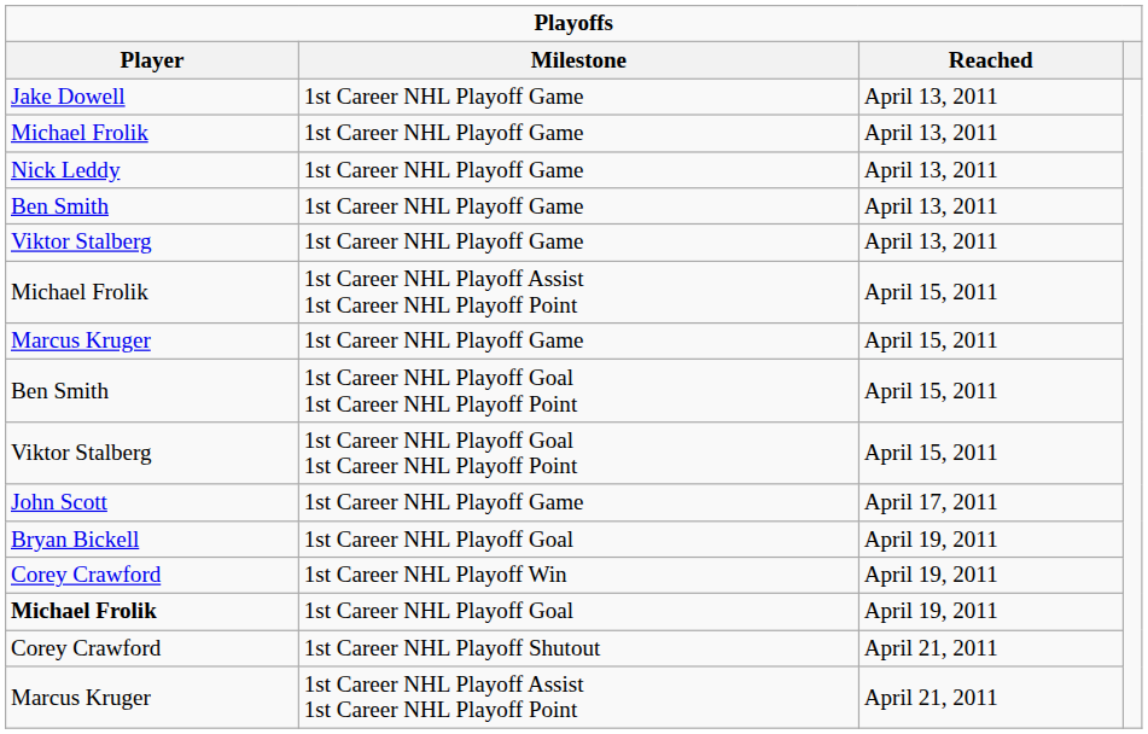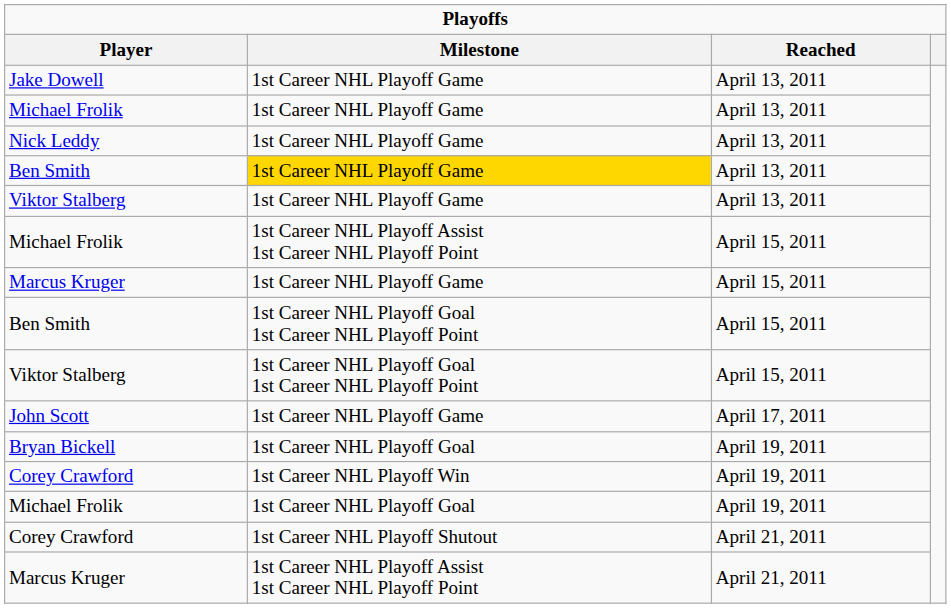 <table class="wikitable" width="50%">
 <tr>
 <td colspan="10" align="center"><strong>Playoffs</strong></td>
 </tr>
 <tr>
 <th>Player</th>
 <th>Milestone</th>
 <th>Reached</th>
 <th></th>
 </tr>
 <tr>
 <td><a href='#'>Jake Dowell</a></td>
 <td>1st Career NHL Playoff Game</td>
 <td>April 13, 2011</td>
 </tr>
 <tr>
 <td><a href='#'>Michael Frolik</a></td>
 <td>1st Career NHL Playoff Game</td>
 <td>April 13, 2011</td>
 </tr>
 <tr>
 <td><a href='#'>Nick Leddy</a></td>
 <td>1st Career NHL Playoff Game</td>
 <td>April 13, 2011</td>
 </tr>
 <tr>
 <td><a href='#'>Ben Smith</a></td>
-<td>1st Career NHL Playoff Game</td>
+<td style="background: gold;">1st Career NHL Playoff Game</td>
 <td>April 13, 2011</td>
 </tr>
 <tr>
 <td><a href='#'>Viktor Stalberg</a></td>
 <td>1st Career NHL Playoff Game</td>
 <td>April 13, 2011</td>
 </tr>
 <tr>
 <td>Michael Frolik</td>
 <td>1st Career NHL Playoff Assist<br>1st Career NHL Playoff Point</td>
 <td>April 15, 2011</td>
 </tr>
 <tr>
 <td><a href='#'>Marcus Kruger</a></td>
 <td>1st Career NHL Playoff Game</td>
 <td>April 15, 2011</td>
 </tr>
 <tr>
 <td>Ben Smith</td>
 <td>1st Career NHL Playoff Goal<br>1st Career NHL Playoff Point</td>
 <td>April 15, 2011</td>
 </tr>
 <tr>
 <td>Viktor Stalberg</td>
 <td>1st Career NHL Playoff Goal<br>1st Career NHL Playoff Point</td>
 <td>April 15, 2011</td>
 </tr>
 <tr>
 <td><a href='#'>John Scott</a></td>
 <td>1st Career NHL Playoff Game</td>
 <td>April 17, 2011</td>
 </tr>
 <tr>
 <td><a href='#'>Bryan Bickell</a></td>
 <td>1st Career NHL Playoff Goal</td>
 <td>April 19, 2011</td>
 </tr>
 <tr>
 <td><a href='#'>Corey Crawford</a></td>
 <td>1st Career NHL Playoff Win</td>
 <td>April 19, 2011</td>
 </tr>
 <tr>
-<td><strong>Michael Frolik</strong></td>
+<td>Michael Frolik</td>
 <td>1st Career NHL Playoff Goal</td>
 <td>April 19, 2011</td>
 </tr>
 <tr>
 <td>Corey Crawford</td>
 <td>1st Career NHL Playoff Shutout</td>
 <td>April 21, 2011</td>
 </tr>
 <tr>
 <td>Marcus Kruger</td>
 <td>1st Career NHL Playoff Assist<br>1st Career NHL Playoff Point</td>
 <td>April 21, 2011</td>
 </tr>
 </table>
